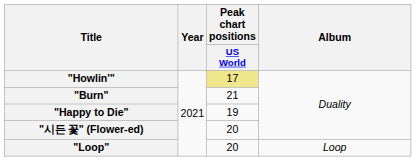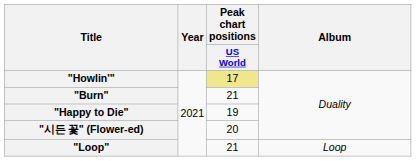 <table class="wikitable plainrowheaders" style="text-align:center;">
 <tr>
 <th scope="col" rowspan="2" style="width:16em;">Title</th>
 <th scope="col" rowspan="2">Year</th>
 <th scope="col" colspan="1">Peak chart positions</th>
 <th scope="col" rowspan="2" style="width:14em;">Album</th>
 </tr>
 <tr>
 <th scope="col" style="width:3em;font-size:90%;"><a href='#'>US<br>World</a><br></th>
 </tr>
 <tr>
 <th scope="row">"Howlin'"</th>
 <td rowspan="5">2021</td>
 <td style="background: khaki;">17</td>
 <td rowspan="4"><em>Duality</em></td>
 </tr>
 <tr>
 <th scope="row">"Burn"</th>
 <td>21</td>
 </tr>
 <tr>
 <th scope="row">"Happy to Die"</th>
 <td>19</td>
 </tr>
 <tr>
 <th scope="row">"시든 꽃" (Flower-ed)</th>
 <td>20</td>
 </tr>
 <tr>
 <th scope="row">"Loop"</th>
-<td>20</td>
+<td>21</td>
 <td><em>Loop</em></td>
 </tr>
 </table>
